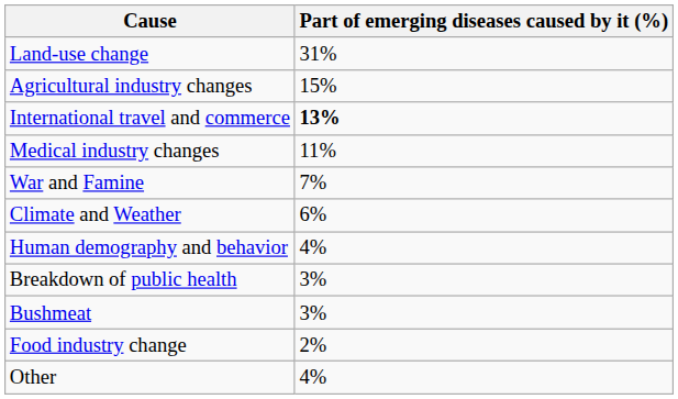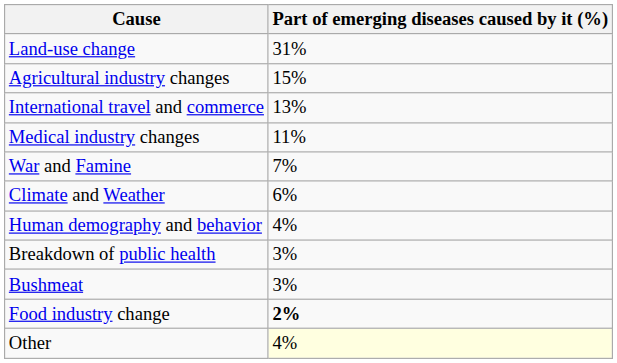 <table class="wikitable mw-collapsible mw-collapsed">
 <tr>
 <th>Cause</th>
 <th>Part of emerging diseases caused by it (%)</th>
 </tr>
 <tr>
 <td><a href='#'>Land-use change</a></td>
 <td>31%</td>
 </tr>
 <tr>
 <td><a href='#'>Agricultural industry</a> changes</td>
 <td>15%</td>
 </tr>
 <tr>
 <td><a href='#'>International travel</a> and <a href='#'>commerce</a></td>
-<td><strong>13%</strong></td>
+<td>13%</td>
 </tr>
 <tr>
 <td><a href='#'>Medical industry</a> changes</td>
 <td>11%</td>
 </tr>
 <tr>
 <td><a href='#'>War</a> and <a href='#'>Famine</a></td>
 <td>7%</td>
 </tr>
 <tr>
 <td><a href='#'>Climate</a> and <a href='#'>Weather</a></td>
 <td>6%</td>
 </tr>
 <tr>
 <td><a href='#'>Human demography</a> and <a href='#'>behavior</a></td>
 <td>4%</td>
 </tr>
 <tr>
 <td>Breakdown of <a href='#'>public health</a></td>
 <td>3%</td>
 </tr>
 <tr>
 <td><a href='#'>Bushmeat</a></td>
 <td>3%</td>
 </tr>
 <tr>
 <td><a href='#'>Food industry</a> change</td>
-<td>2%</td>
+<td><strong>2%</strong></td>
 </tr>
 <tr>
 <td>Other</td>
-<td>4%</td>
+<td style="background: lightyellow;">4%</td>
 </tr>
 </table>
